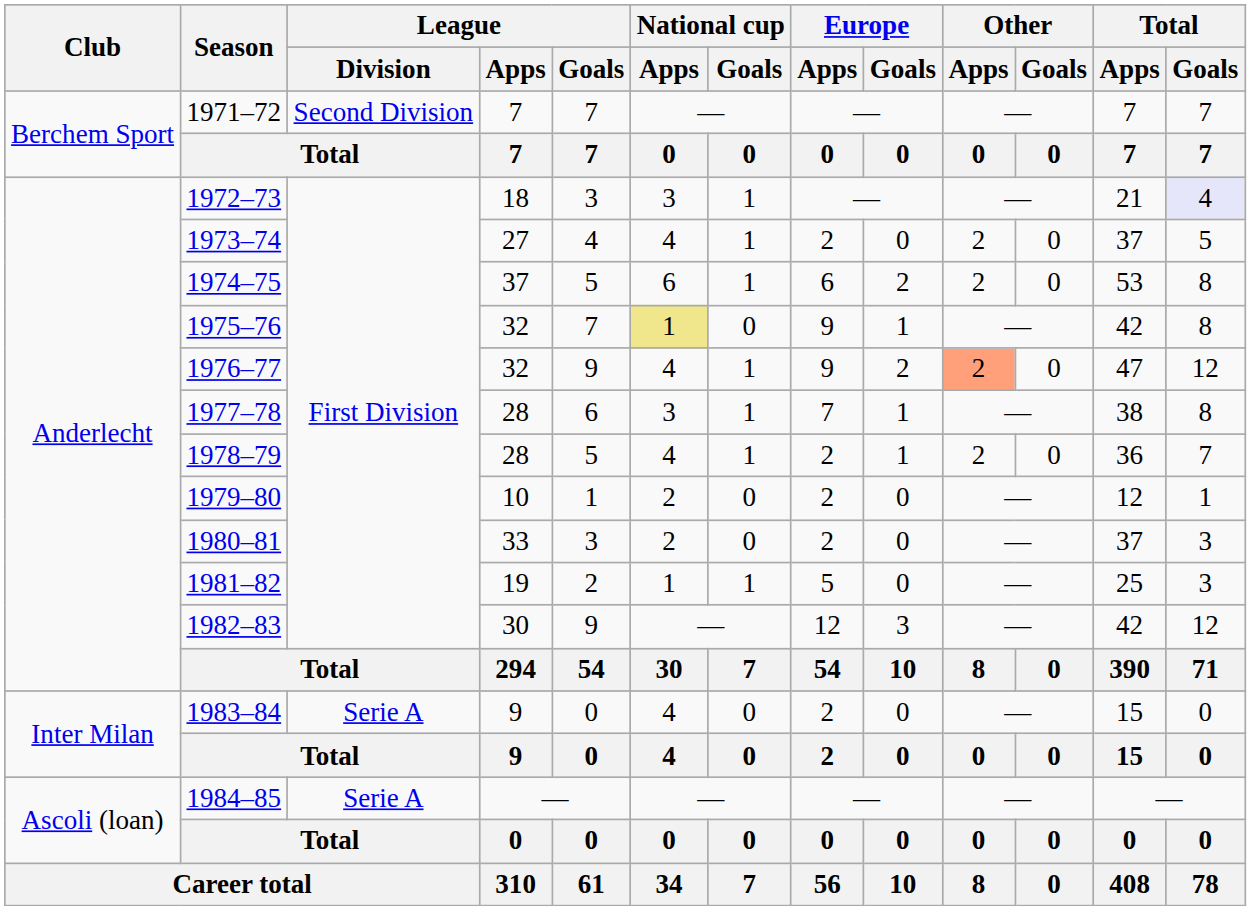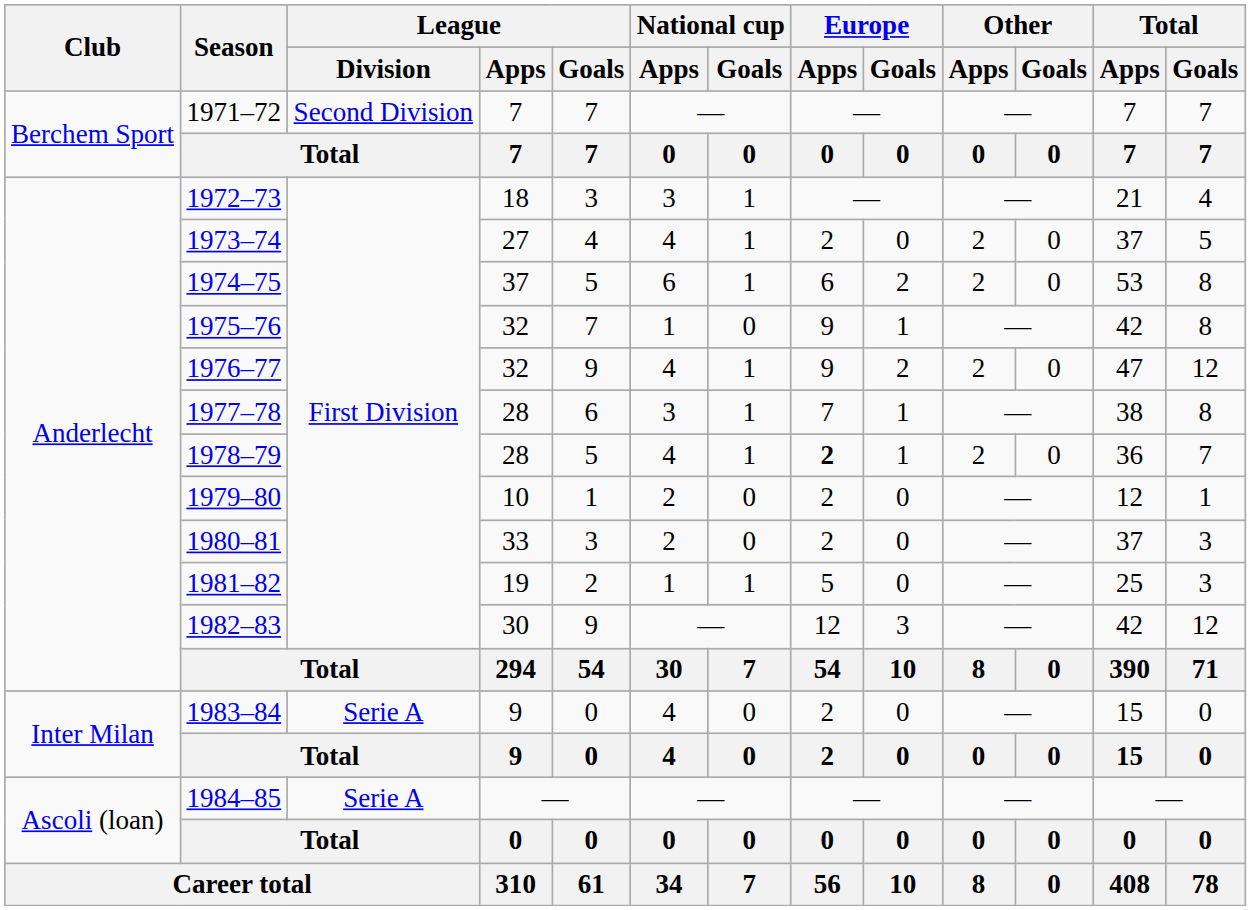 <table class="wikitable" style="text-align:center">
 <tr>
 <th rowspan="2">Club</th>
 <th rowspan="2">Season</th>
 <th colspan="3">League</th>
 <th colspan="2">National cup</th>
 <th colspan="2"><a href='#'>Europe</a></th>
 <th colspan="2">Other</th>
 <th colspan="2">Total</th>
 </tr>
 <tr>
 <th>Division</th>
 <th>Apps</th>
 <th>Goals</th>
 <th>Apps</th>
 <th>Goals</th>
 <th>Apps</th>
 <th>Goals</th>
 <th>Apps</th>
 <th>Goals</th>
 <th>Apps</th>
 <th>Goals</th>
 </tr>
 <tr>
 <td rowspan="2"><a href='#'>Berchem Sport</a></td>
 <td>1971–72</td>
 <td><a href='#'>Second Division</a></td>
 <td>7</td>
 <td>7</td>
 <td colspan="2">—</td>
 <td colspan="2">—</td>
 <td colspan="2">—</td>
 <td>7</td>
 <td>7</td>
 </tr>
 <tr>
 <th colspan="2">Total</th>
 <th>7</th>
 <th>7</th>
 <th>0</th>
 <th>0</th>
 <th>0</th>
 <th>0</th>
 <th>0</th>
 <th>0</th>
 <th>7</th>
 <th>7</th>
 </tr>
 <tr>
 <td rowspan="12"><a href='#'>Anderlecht</a></td>
 <td><a href='#'>1972–73</a></td>
 <td rowspan="11"><a href='#'>First Division</a></td>
 <td>18</td>
 <td>3</td>
 <td>3</td>
 <td>1</td>
 <td colspan="2">—</td>
 <td colspan="2">—</td>
 <td>21</td>
-<td style="background: lavender;">4</td>
+<td>4</td>
 </tr>
 <tr>
 <td><a href='#'>1973–74</a></td>
 <td>27</td>
 <td>4</td>
 <td>4</td>
 <td>1</td>
 <td>2</td>
 <td>0</td>
 <td>2</td>
 <td>0</td>
 <td>37</td>
 <td>5</td>
 </tr>
 <tr>
 <td><a href='#'>1974–75</a></td>
 <td>37</td>
 <td>5</td>
 <td>6</td>
 <td>1</td>
 <td>6</td>
 <td>2</td>
 <td>2</td>
 <td>0</td>
 <td>53</td>
 <td>8</td>
 </tr>
 <tr>
 <td><a href='#'>1975–76</a></td>
 <td>32</td>
 <td>7</td>
-<td style="background: khaki;">1</td>
+<td>1</td>
 <td>0</td>
 <td>9</td>
 <td>1</td>
 <td colspan="2">—</td>
 <td>42</td>
 <td>8</td>
 </tr>
 <tr>
 <td><a href='#'>1976–77</a></td>
 <td>32</td>
 <td>9</td>
 <td>4</td>
 <td>1</td>
 <td>9</td>
 <td>2</td>
-<td style="background: lightsalmon;">2</td>
+<td>2</td>
 <td>0</td>
 <td>47</td>
 <td>12</td>
 </tr>
 <tr>
 <td><a href='#'>1977–78</a></td>
 <td>28</td>
 <td>6</td>
 <td>3</td>
 <td>1</td>
 <td>7</td>
 <td>1</td>
 <td colspan="2">—</td>
 <td>38</td>
 <td>8</td>
 </tr>
 <tr>
 <td><a href='#'>1978–79</a></td>
 <td>28</td>
 <td>5</td>
 <td>4</td>
 <td>1</td>
-<td>2</td>
+<td><strong>2</strong></td>
 <td>1</td>
 <td>2</td>
 <td>0</td>
 <td>36</td>
 <td>7</td>
 </tr>
 <tr>
 <td><a href='#'>1979–80</a></td>
 <td>10</td>
 <td>1</td>
 <td>2</td>
 <td>0</td>
 <td>2</td>
 <td>0</td>
 <td colspan="2">—</td>
 <td>12</td>
 <td>1</td>
 </tr>
 <tr>
 <td><a href='#'>1980–81</a></td>
 <td>33</td>
 <td>3</td>
 <td>2</td>
 <td>0</td>
 <td>2</td>
 <td>0</td>
 <td colspan="2">—</td>
 <td>37</td>
 <td>3</td>
 </tr>
 <tr>
 <td><a href='#'>1981–82</a></td>
 <td>19</td>
 <td>2</td>
 <td>1</td>
 <td>1</td>
 <td>5</td>
 <td>0</td>
 <td colspan="2">—</td>
 <td>25</td>
 <td>3</td>
 </tr>
 <tr>
 <td><a href='#'>1982–83</a></td>
 <td>30</td>
 <td>9</td>
 <td colspan="2">—</td>
 <td>12</td>
 <td>3</td>
 <td colspan="2">—</td>
 <td>42</td>
 <td>12</td>
 </tr>
 <tr>
 <th colspan="2">Total</th>
 <th>294</th>
 <th>54</th>
 <th>30</th>
 <th>7</th>
 <th>54</th>
 <th>10</th>
 <th>8</th>
 <th>0</th>
 <th>390</th>
 <th>71</th>
 </tr>
 <tr>
 <td rowspan="2"><a href='#'>Inter Milan</a></td>
 <td><a href='#'>1983–84</a></td>
 <td><a href='#'>Serie A</a></td>
 <td>9</td>
 <td>0</td>
 <td>4</td>
 <td>0</td>
 <td>2</td>
 <td>0</td>
 <td colspan="2">—</td>
 <td>15</td>
 <td>0</td>
 </tr>
 <tr>
 <th colspan="2">Total</th>
 <th>9</th>
 <th>0</th>
 <th>4</th>
 <th>0</th>
 <th>2</th>
 <th>0</th>
 <th>0</th>
 <th>0</th>
 <th>15</th>
 <th>0</th>
 </tr>
 <tr>
 <td rowspan="2"><a href='#'>Ascoli</a> (loan)</td>
 <td><a href='#'>1984–85</a></td>
 <td><a href='#'>Serie A</a></td>
 <td colspan="2">—</td>
 <td colspan="2">—</td>
 <td colspan="2">—</td>
 <td colspan="2">—</td>
 <td colspan="2">—</td>
 </tr>
 <tr>
 <th colspan="2">Total</th>
 <th>0</th>
 <th>0</th>
 <th>0</th>
 <th>0</th>
 <th>0</th>
 <th>0</th>
 <th>0</th>
 <th>0</th>
 <th>0</th>
 <th>0</th>
 </tr>
 <tr>
 <th colspan="3">Career total</th>
 <th>310</th>
 <th>61</th>
 <th>34</th>
 <th>7</th>
 <th>56</th>
 <th>10</th>
 <th>8</th>
 <th>0</th>
 <th>408</th>
 <th>78</th>
 </tr>
 </table>
